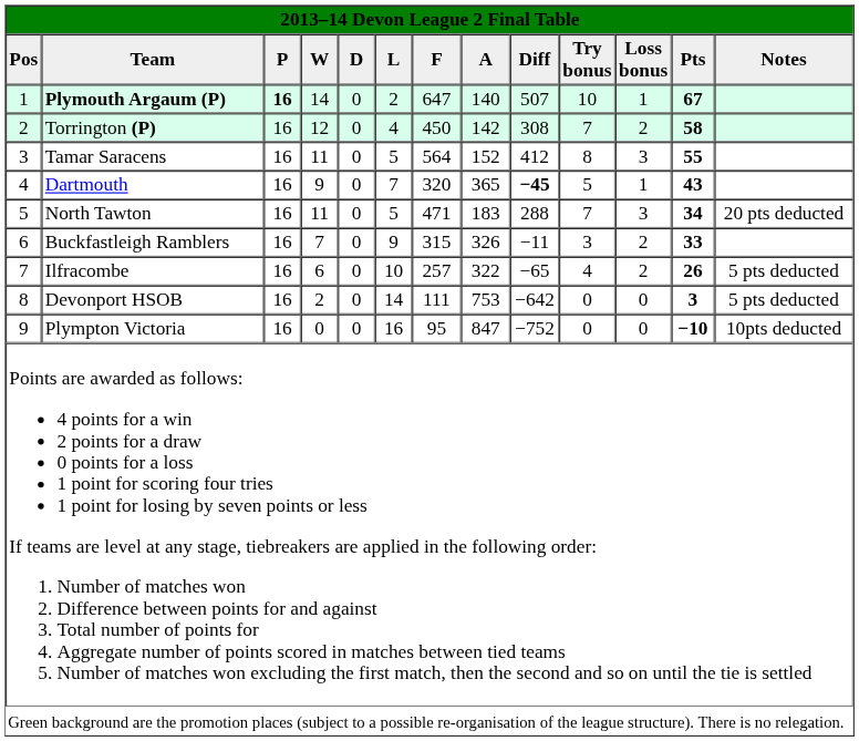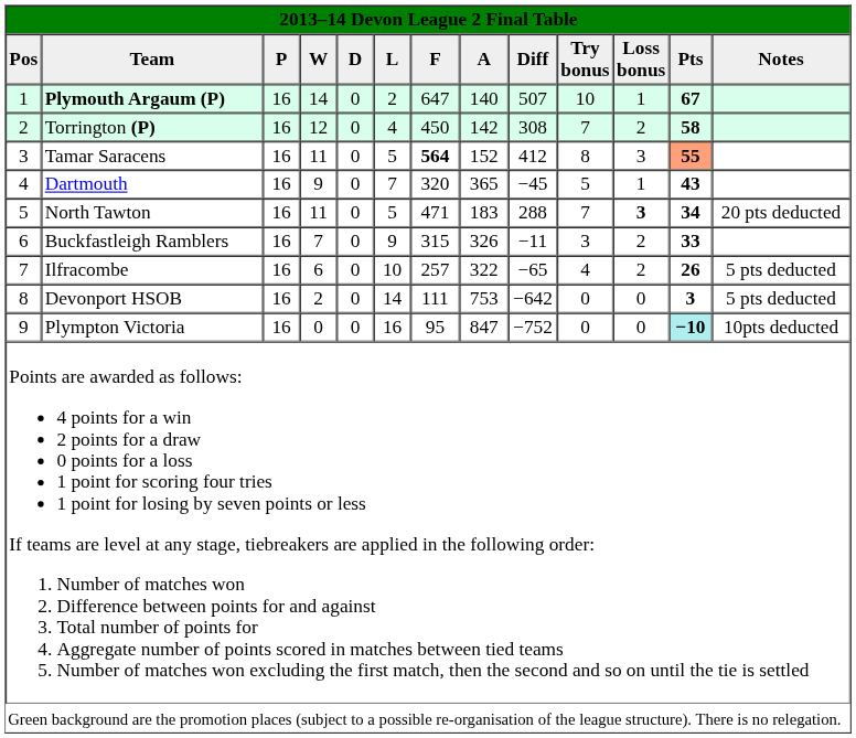 <table border="1" cellpadding="2" cellspacing="0">
 <tr bgcolor="green">
 <th colspan=13 style="border-right:0px;";>2013–14 Devon League 2 Final Table</th>
 </tr>
 <tr bgcolor="#efefef">
 <th width="20">Pos</th>
 <th width="180">Team</th>
 <th width="25">P</th>
 <th width="25">W</th>
 <th width="25">D</th>
 <th width="25">L</th>
 <th width="35">F</th>
 <th width="35">A</th>
 <th width="35">Diff</th>
 <th width="35">Try bonus</th>
 <th width="35">Loss bonus</th>
 <th width="30">Pts</th>
 <th width="110">Notes</th>
 </tr>
 <tr bgcolor=#d8ffeb align=center>
 <td>1</td>
 <td align=left><strong>Plymouth Argaum</strong> <strong>(P)</strong></td>
-<td><strong>16</strong></td>
+<td>16</td>
 <td>14</td>
 <td>0</td>
 <td>2</td>
 <td>647</td>
 <td>140</td>
 <td>507</td>
 <td>10</td>
 <td>1</td>
 <td><strong>67</strong></td>
 <td></td>
 </tr>
 <tr bgcolor=#d8ffeb align=center>
 <td>2</td>
 <td align=left>Torrington <strong>(P)</strong></td>
 <td>16</td>
 <td>12</td>
 <td>0</td>
 <td>4</td>
 <td>450</td>
 <td>142</td>
 <td>308</td>
 <td>7</td>
 <td>2</td>
 <td><strong>58</strong></td>
 <td></td>
 </tr>
 <tr align=center>
 <td>3</td>
 <td align=left>Tamar Saracens</td>
 <td>16</td>
 <td>11</td>
 <td>0</td>
 <td>5</td>
-<td>564</td>
+<td><strong>564</strong></td>
 <td>152</td>
 <td>412</td>
 <td>8</td>
 <td>3</td>
-<td><strong>55</strong></td>
+<td style="background: lightsalmon;"><strong>55</strong></td>
 <td></td>
 </tr>
 <tr align=center>
 <td>4</td>
 <td align=left><a href='#'>Dartmouth</a></td>
 <td>16</td>
 <td>9</td>
 <td>0</td>
 <td>7</td>
 <td>320</td>
 <td>365</td>
-<td><strong>−45</strong></td>
+<td>−45</td>
 <td>5</td>
 <td>1</td>
 <td><strong>43</strong></td>
 <td></td>
 </tr>
 <tr align=center>
 <td>5</td>
 <td align=left>North Tawton</td>
 <td>16</td>
 <td>11</td>
 <td>0</td>
 <td>5</td>
 <td>471</td>
 <td>183</td>
 <td>288</td>
 <td>7</td>
-<td>3</td>
+<td><strong>3</strong></td>
 <td><strong>34</strong></td>
 <td>20 pts deducted</td>
 </tr>
 <tr align=center>
 <td>6</td>
 <td align=left>Buckfastleigh Ramblers</td>
 <td>16</td>
 <td>7</td>
 <td>0</td>
 <td>9</td>
 <td>315</td>
 <td>326</td>
 <td>−11</td>
 <td>3</td>
 <td>2</td>
 <td><strong>33</strong></td>
 <td></td>
 </tr>
 <tr align=center>
 <td>7</td>
 <td align=left>Ilfracombe</td>
 <td>16</td>
 <td>6</td>
 <td>0</td>
 <td>10</td>
 <td>257</td>
 <td>322</td>
 <td>−65</td>
 <td>4</td>
 <td>2</td>
 <td><strong>26</strong></td>
 <td>5 pts deducted</td>
 </tr>
 <tr align=center>
 <td>8</td>
 <td align=left>Devonport HSOB</td>
 <td>16</td>
 <td>2</td>
 <td>0</td>
 <td>14</td>
 <td>111</td>
 <td>753</td>
 <td>−642</td>
 <td>0</td>
 <td>0</td>
 <td><strong>3</strong></td>
 <td>5 pts deducted</td>
 </tr>
 <tr align=center>
 <td>9</td>
 <td align=left>Plympton Victoria</td>
 <td>16</td>
 <td>0</td>
 <td>0</td>
 <td>16</td>
 <td>95</td>
 <td>847</td>
 <td>−752</td>
 <td>0</td>
 <td>0</td>
-<td><strong>−10</strong></td>
+<td style="background: paleturquoise;"><strong>−10</strong></td>
 <td>10pts deducted</td>
 </tr>
 <tr align=center>
 </tr>
 <tr bgcolor=#ffffff>
 <td colspan="13"><br>Points are awarded as follows:<ul><li>4 points for a win</li><li>2 points for a draw</li><li>0 points for a loss</li><li>1 point for scoring four tries</li><li>1 point for losing by seven points or less</li></ul>If teams are level at any stage, tiebreakers are applied in the following order:<ol><li>Number of matches won</li><li>Difference between points for and against</li><li>Total number of points for</li><li>Aggregate number of points scored in matches between tied teams</li><li>Number of matches won excluding the first match, then the second and so on until the tie is settled</li></ol></td>
 </tr>
 <tr |align=centre|>
 <td colspan="12" style="border:0px"></td>
 </tr>
 <tr align=centre>
 <td colspan="15" style="border:0px;font-size:85%;" align=centre>Green background are the promotion places (subject to a possible re-organisation of the league structure). There is no relegation.</td>
 </tr>
 </table>
